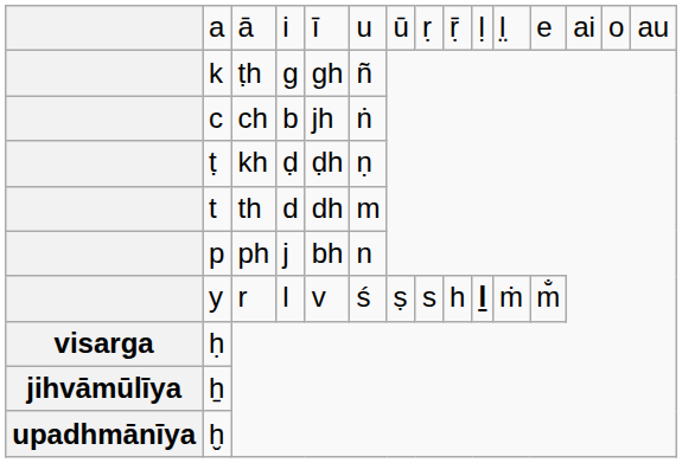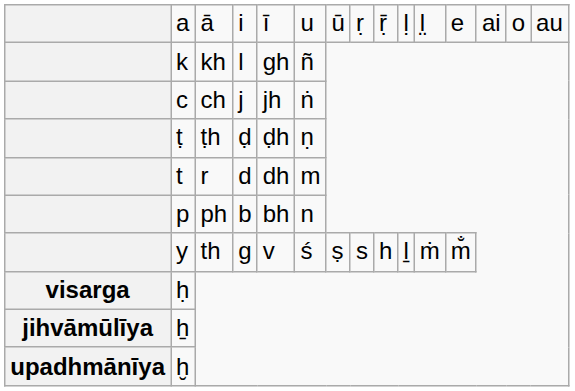 <table class=wikitable>
 <tr>
 <th></th>
 <td>a</td>
 <td>ā</td>
 <td>i</td>
 <td>ī</td>
 <td>u</td>
 <td>ū</td>
 <td>ṛ</td>
 <td>ṝ</td>
 <td>ḷ</td>
 <td>l̤</td>
 <td>e</td>
 <td>ai</td>
 <td>o</td>
 <td>au</td>
 </tr>
 <tr>
 <th></th>
 <td>k</td>
-<td>ṭh</td>
-<td>g</td>
+<td>kh</td>
+<td>l</td>
 <td>gh</td>
 <td>ñ</td>
 </tr>
 <tr>
 <th></th>
 <td>c</td>
 <td>ch</td>
-<td>b</td>
+<td>j</td>
 <td>jh</td>
 <td>ṅ</td>
 </tr>
 <tr>
 <th></th>
 <td>ṭ</td>
-<td>kh</td>
+<td>ṭh</td>
 <td>ḍ</td>
 <td>ḍh</td>
 <td>ṇ</td>
 </tr>
 <tr>
 <th></th>
 <td>t</td>
-<td>th</td>
+<td>r</td>
 <td>d</td>
 <td>dh</td>
 <td>m</td>
 </tr>
 <tr>
 <th></th>
 <td>p</td>
 <td>ph</td>
-<td>j</td>
+<td>b</td>
 <td>bh</td>
 <td>n</td>
 </tr>
 <tr>
 <th></th>
 <td>y</td>
-<td>r</td>
-<td>l</td>
+<td>th</td>
+<td>g</td>
 <td>v</td>
 <td>ś</td>
 <td>ṣ</td>
 <td>s</td>
 <td>h</td>
-<td><strong>ḻ</strong></td>
+<td>ḻ</td>
 <td>ṁ</td>
 <td>m̐</td>
 </tr>
 <tr>
 <th>visarga</th>
 <td>ḥ</td>
 </tr>
 <tr>
 <th>jihvāmūlīya</th>
 <td>ẖ</td>
 </tr>
 <tr>
 <th>upadhmānīya</th>
 <td>ḫ</td>
 </tr>
 </table>
